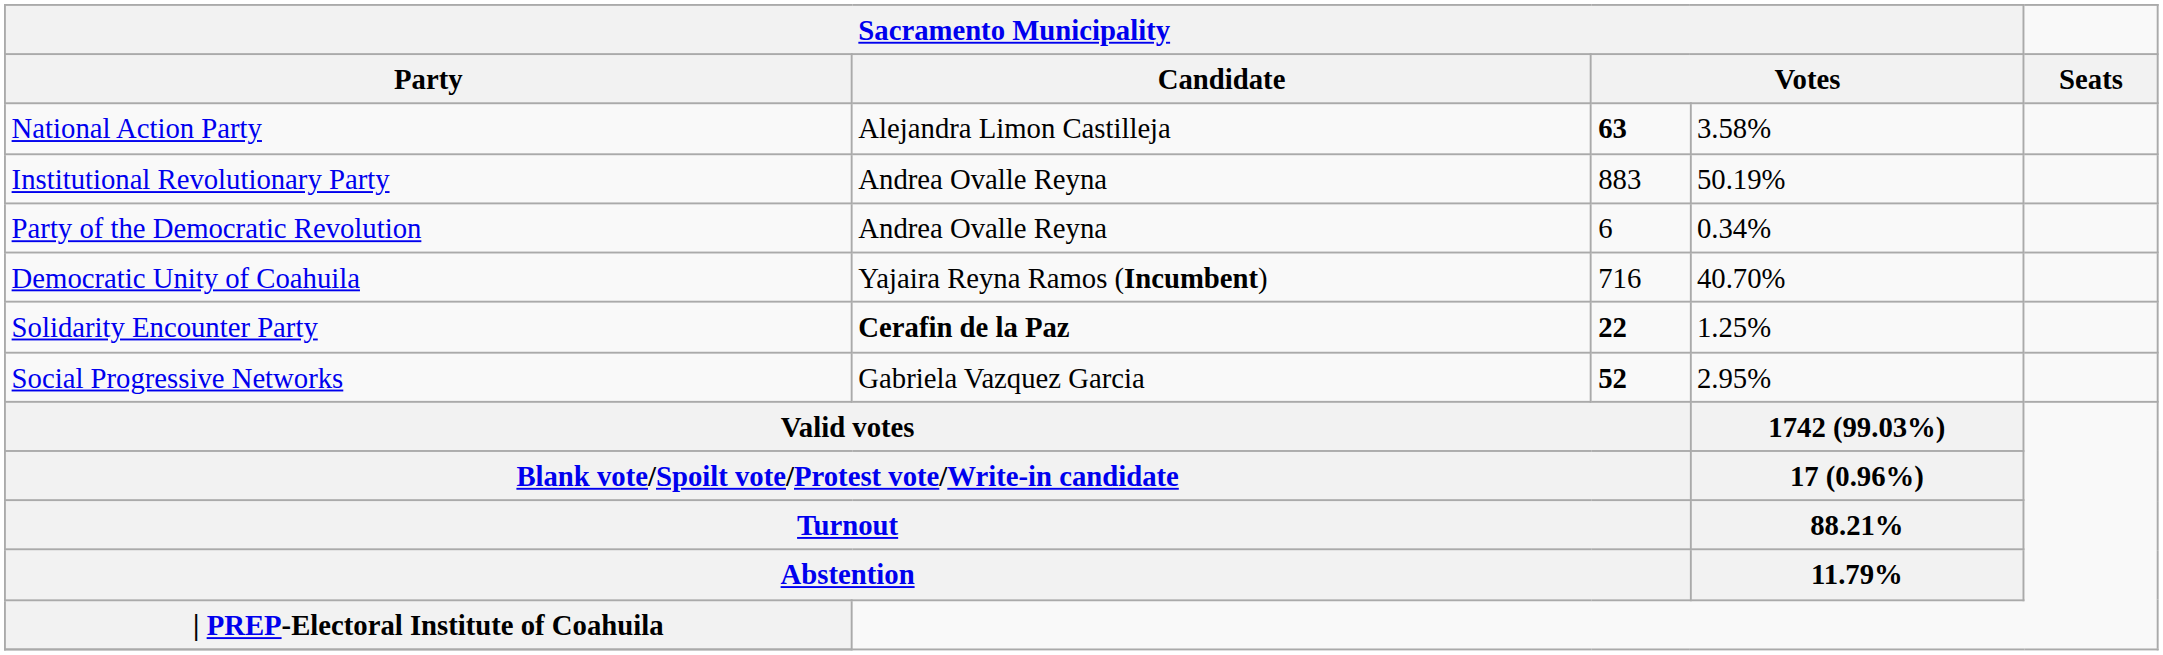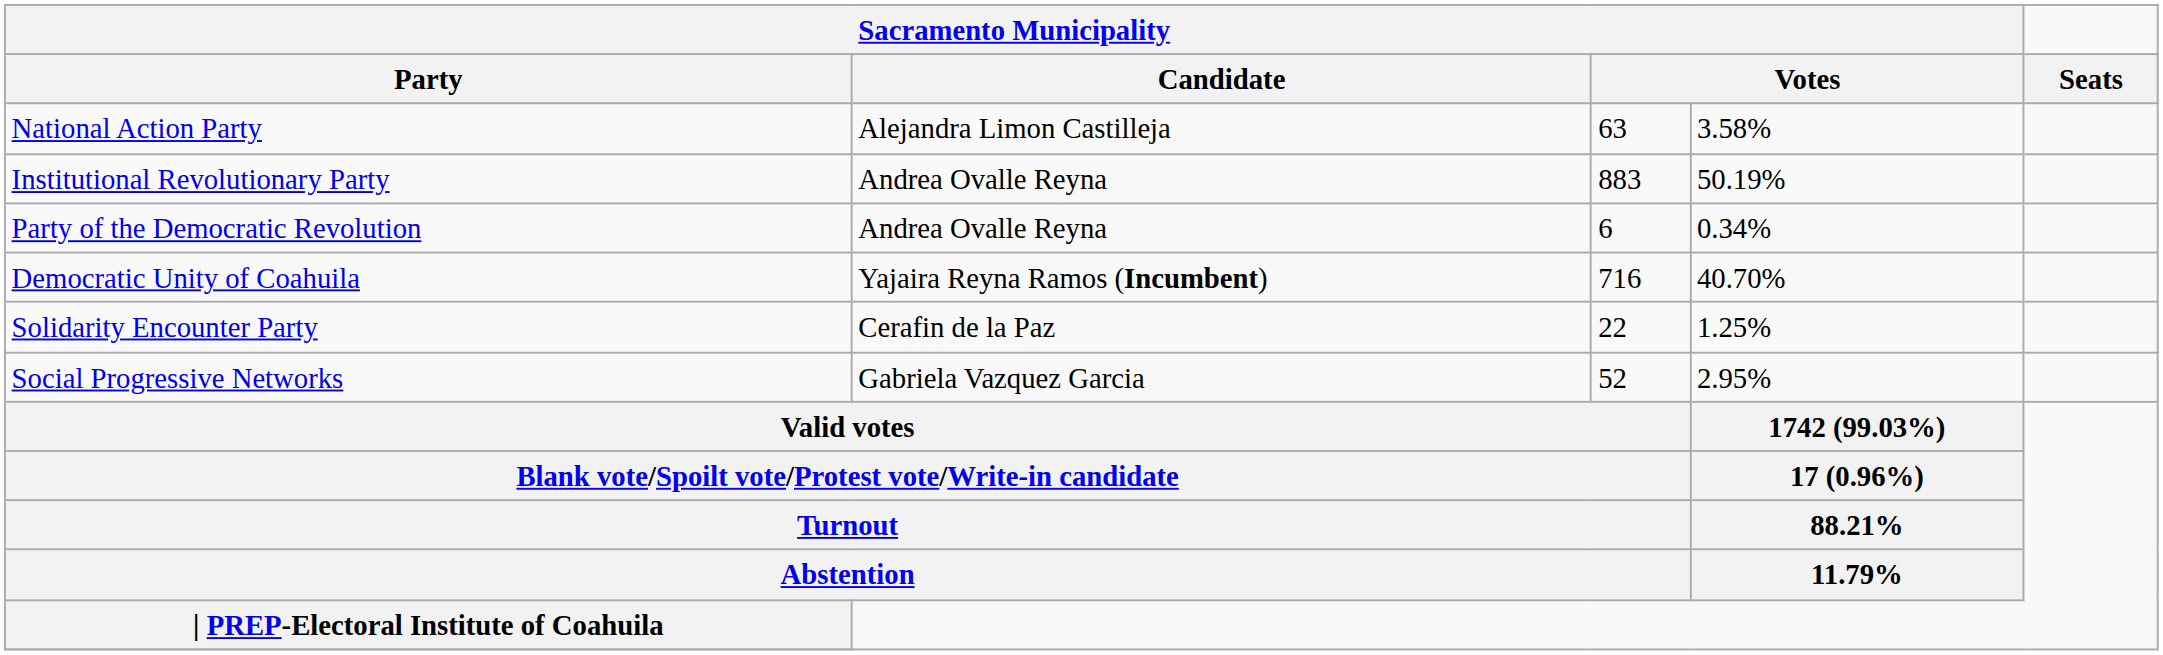 <table class="wikitable collapsible collapsed" style="font-size:95%; width:72%; line-height:126%; margin-bottom:0">
 <tr>
 <th Colspan = 4><strong><a href='#'>Sacramento Municipality</a></strong></th>
 </tr>
 <tr style="background:#efefef;">
 <th Colspan = 1><strong>Party</strong></th>
 <th Colspan = 1><strong>Candidate</strong></th>
 <th Colspan = 2><strong>Votes</strong></th>
 <th Colspan = 1><strong>Seats</strong></th>
 </tr>
 <tr>
 <td> <a href='#'>National Action Party</a></td>
 <td>Alejandra Limon Castilleja</td>
-<td><strong>63</strong></td>
+<td>63</td>
 <td>3.58%</td>
 <td></td>
 </tr>
 <tr>
 <td> <a href='#'>Institutional Revolutionary Party</a></td>
 <td>Andrea Ovalle Reyna</td>
 <td>883</td>
 <td>50.19%</td>
 <td></td>
 </tr>
 <tr>
 <td> <a href='#'>Party of the Democratic Revolution</a></td>
 <td>Andrea Ovalle Reyna</td>
 <td>6</td>
 <td>0.34%</td>
 <td></td>
 </tr>
 <tr>
 <td><a href='#'>Democratic Unity of Coahuila</a></td>
 <td>Yajaira Reyna Ramos (<strong>Incumbent</strong>)</td>
 <td>716</td>
 <td>40.70%</td>
 <td></td>
 </tr>
 <tr>
 <td> <a href='#'>Solidarity Encounter Party</a></td>
-<td><strong>Cerafin de la Paz</strong></td>
-<td><strong>22</strong></td>
+<td>Cerafin de la Paz</td>
+<td>22</td>
 <td>1.25%</td>
 <td></td>
 </tr>
 <tr>
 <td> <a href='#'>Social Progressive Networks</a></td>
 <td>Gabriela Vazquez Garcia</td>
-<td><strong>52</strong></td>
+<td>52</td>
 <td>2.95%</td>
 <td></td>
 </tr>
 <tr>
 <th Colspan = 3><strong>Valid votes</strong></th>
 <th>1742 (99.03%)</th>
 </tr>
 <tr>
 <th Colspan = 3><strong><a href='#'>Blank vote</a>/<a href='#'>Spoilt vote</a>/<a href='#'>Protest vote</a>/<a href='#'>Write-in candidate</a></strong></th>
 <th>17 (0.96%)</th>
 </tr>
 <tr>
 <th Colspan = 3><strong><a href='#'>Turnout</a></strong></th>
 <th>88.21%</th>
 </tr>
 <tr>
 <th Colspan = 3><strong><a href='#'>Abstention</a></strong></th>
 <th>11.79%</th>
 </tr>
 <tr>
 <th Colspan =>| <a href='#'>PREP</a>-Electoral Institute of Coahuila</th>
 </tr>
 <tr>
 </tr>
 </table>
